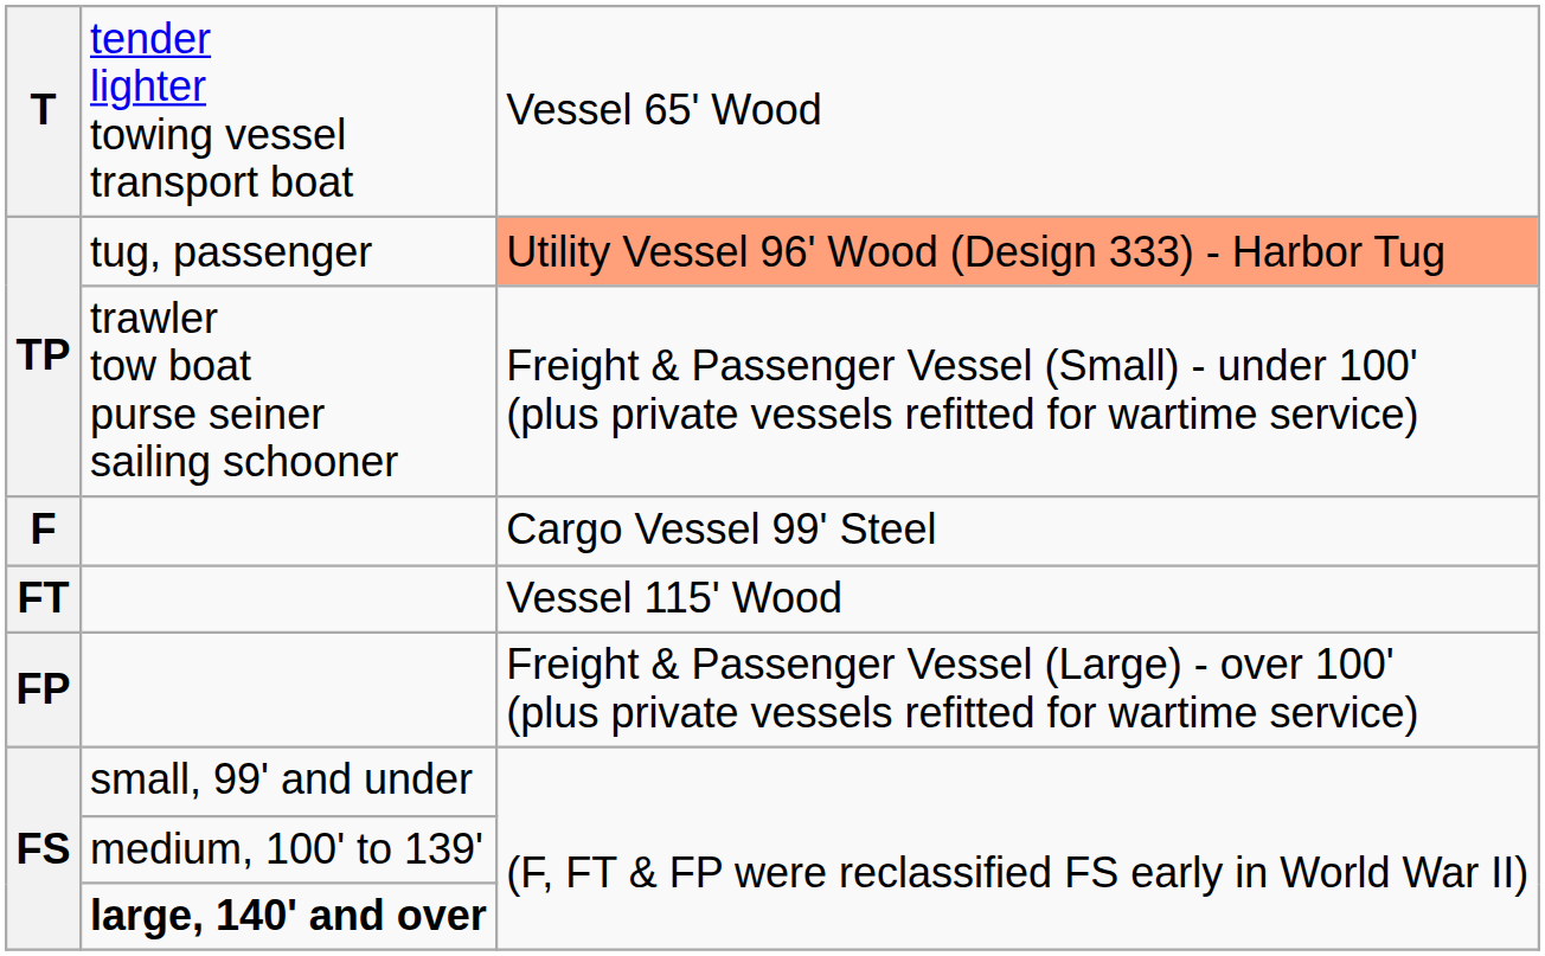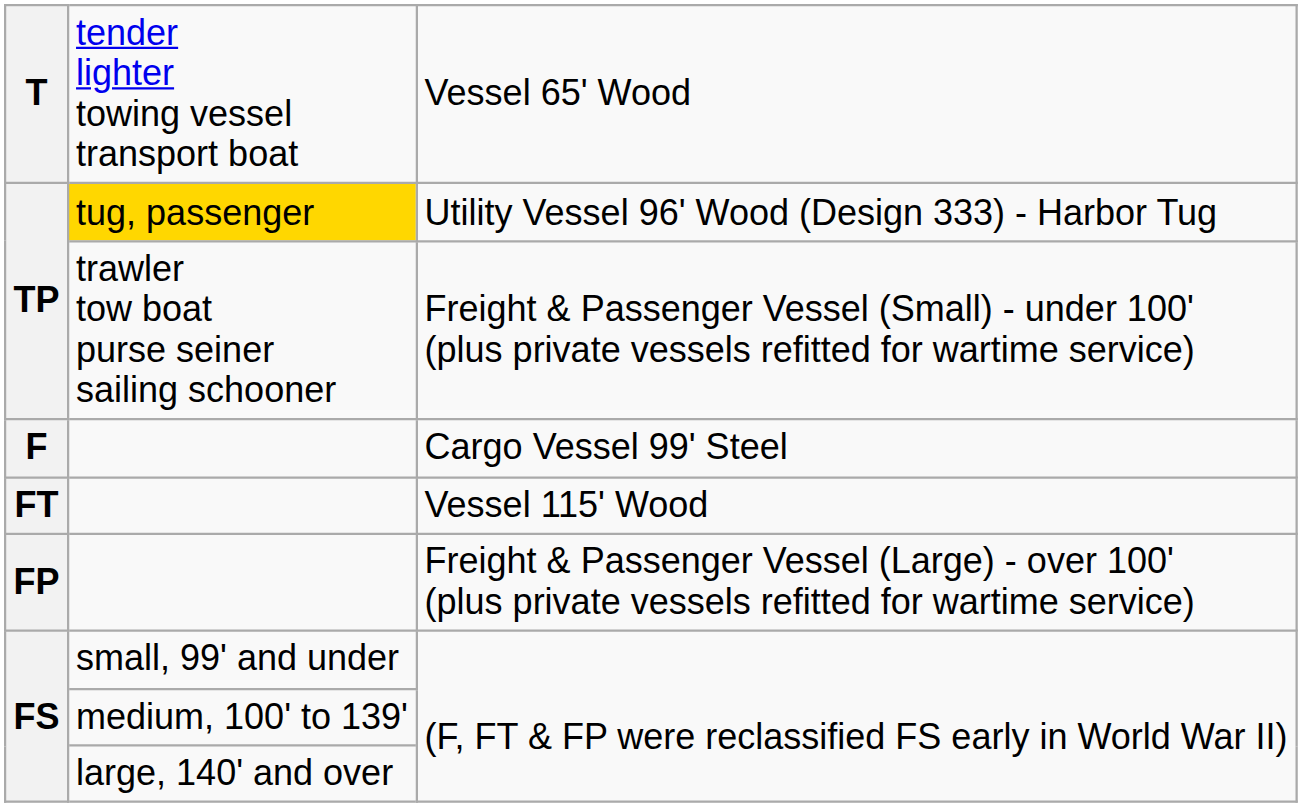 <table class="wikitable">
 <tr>
 <th>T</th>
 <td><a href='#'>tender</a> <br> <a href='#'>lighter</a> <br> towing vessel <br> transport boat</td>
 <td>Vessel 65' Wood</td>
 </tr>
 <tr>
 <th rowspan=2>TP</th>
-<td>tug, passenger</td>
-<td style="background: lightsalmon;">Utility Vessel 96' Wood (Design 333) - Harbor Tug</td>
+<td style="background: gold;">tug, passenger</td>
+<td>Utility Vessel 96' Wood (Design 333) - Harbor Tug</td>
 </tr>
 <tr>
 <td>trawler<br>tow boat<br>purse seiner<br>sailing schooner</td>
 <td rowspan="1">Freight & Passenger Vessel (Small) - under 100' <br> (plus private vessels refitted for wartime service)</td>
 </tr>
 <tr>
 <th>F</th>
 <td> </td>
 <td>Cargo Vessel 99' Steel</td>
 </tr>
 <tr>
 <th>FT</th>
 <td> </td>
 <td>Vessel 115' Wood</td>
 </tr>
 <tr>
 <th>FP</th>
 <td> </td>
 <td rowspan="1">Freight & Passenger Vessel (Large) - over 100' <br> (plus private vessels refitted for wartime service)</td>
 </tr>
 <tr>
 <th rowspan="3">FS</th>
 <td>small, 99' and under</td>
 <td rowspan="3"><br>(F, FT & FP were reclassified FS early in World War II)</td>
 </tr>
 <tr>
 <td>medium, 100' to 139'</td>
 </tr>
 <tr>
-<td><strong>large, 140' and over</strong></td>
+<td>large, 140' and over</td>
 </tr>
 </table>
